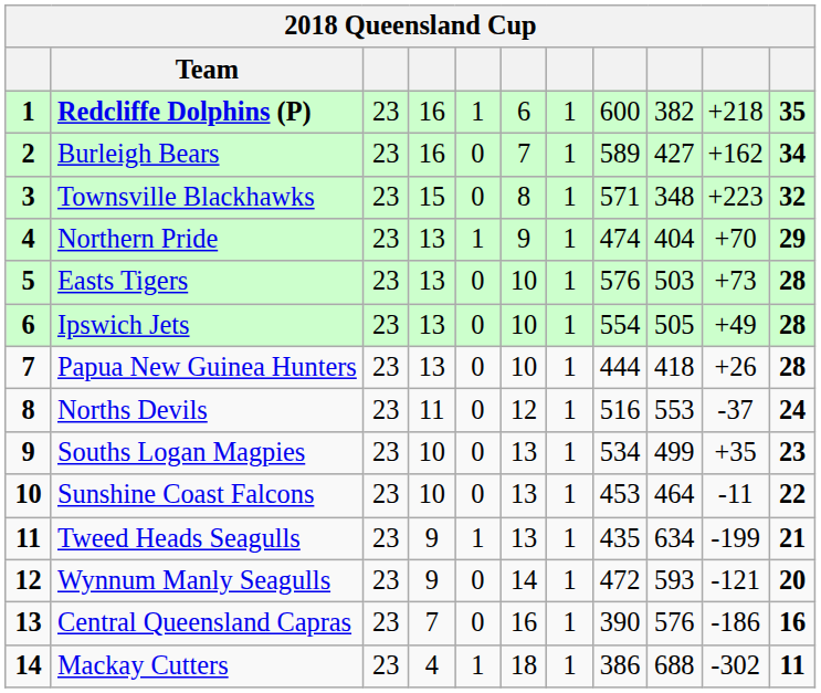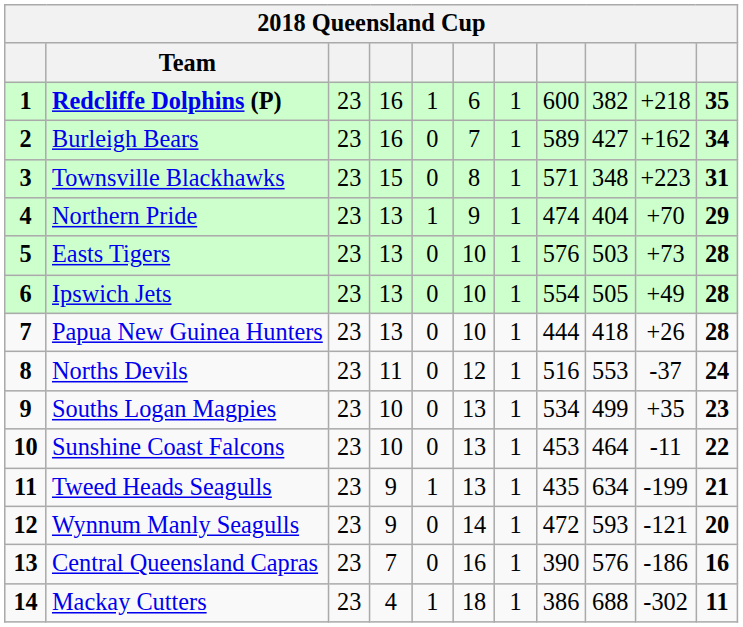 <table class="wikitable" style="text-align:center;">
 <tr>
 <th colspan="11">2018 Queensland Cup</th>
 </tr>
 <tr>
 <th width="20"></th>
 <th>Team</th>
 <th width="20"></th>
 <th width="20"></th>
 <th width="20"></th>
 <th width="20"></th>
 <th width="20"></th>
 <th width="25"></th>
 <th width="25"></th>
 <th width="30"></th>
 <th width="20"></th>
 </tr>
 <tr style="background: #ccffcc;">
 <td><strong>1</strong></td>
 <td style="text-align:left;"> <strong><a href='#'>Redcliffe Dolphins</a> (P)</strong></td>
 <td>23</td>
 <td>16</td>
 <td>1</td>
 <td>6</td>
 <td>1</td>
 <td>600</td>
 <td>382</td>
 <td>+218</td>
 <td><strong>35</strong></td>
 </tr>
 <tr style="background: #ccffcc;">
 <td><strong>2</strong></td>
 <td style="text-align:left;"> <a href='#'>Burleigh Bears</a></td>
 <td>23</td>
 <td>16</td>
 <td>0</td>
 <td>7</td>
 <td>1</td>
 <td>589</td>
 <td>427</td>
 <td>+162</td>
 <td><strong>34</strong></td>
 </tr>
 <tr style="background: #ccffcc;">
 <td><strong>3</strong></td>
 <td style="text-align:left;"> <a href='#'>Townsville Blackhawks</a></td>
 <td>23</td>
 <td>15</td>
 <td>0</td>
 <td>8</td>
 <td>1</td>
 <td>571</td>
 <td>348</td>
 <td>+223</td>
-<td><strong>32</strong></td>
+<td><strong>31</strong></td>
 </tr>
 <tr style="background: #ccffcc;">
 <td><strong>4</strong></td>
 <td style="text-align:left;"> <a href='#'>Northern Pride</a></td>
 <td>23</td>
 <td>13</td>
 <td>1</td>
 <td>9</td>
 <td>1</td>
 <td>474</td>
 <td>404</td>
 <td>+70</td>
 <td><strong>29</strong></td>
 </tr>
 <tr style="background: #ccffcc;">
 <td><strong>5</strong></td>
 <td style="text-align:left;"> <a href='#'>Easts Tigers</a></td>
 <td>23</td>
 <td>13</td>
 <td>0</td>
 <td>10</td>
 <td>1</td>
 <td>576</td>
 <td>503</td>
 <td>+73</td>
 <td><strong>28</strong></td>
 </tr>
 <tr style="background: #ccffcc;">
 <td><strong>6</strong></td>
 <td style="text-align:left;"> <a href='#'>Ipswich Jets</a></td>
 <td>23</td>
 <td>13</td>
 <td>0</td>
 <td>10</td>
 <td>1</td>
 <td>554</td>
 <td>505</td>
 <td>+49</td>
 <td><strong>28</strong></td>
 </tr>
 <tr style="background:">
 <td><strong>7</strong></td>
 <td style="text-align:left;"> <a href='#'>Papua New Guinea Hunters</a></td>
 <td>23</td>
 <td>13</td>
 <td>0</td>
 <td>10</td>
 <td>1</td>
 <td>444</td>
 <td>418</td>
 <td>+26</td>
 <td><strong>28</strong></td>
 </tr>
 <tr style="background:">
 <td><strong>8</strong></td>
 <td style="text-align:left;"> <a href='#'>Norths Devils</a></td>
 <td>23</td>
 <td>11</td>
 <td>0</td>
 <td>12</td>
 <td>1</td>
 <td>516</td>
 <td>553</td>
 <td>-37</td>
 <td><strong>24</strong></td>
 </tr>
 <tr style="background:">
 <td><strong>9</strong></td>
 <td style="text-align:left;"> <a href='#'>Souths Logan Magpies</a></td>
 <td>23</td>
 <td>10</td>
 <td>0</td>
 <td>13</td>
 <td>1</td>
 <td>534</td>
 <td>499</td>
 <td>+35</td>
 <td><strong>23</strong></td>
 </tr>
 <tr style="background:">
 <td><strong>10</strong></td>
 <td style="text-align:left;"> <a href='#'>Sunshine Coast Falcons</a></td>
 <td>23</td>
 <td>10</td>
 <td>0</td>
 <td>13</td>
 <td>1</td>
 <td>453</td>
 <td>464</td>
 <td>-11</td>
 <td><strong>22</strong></td>
 </tr>
 <tr style="background:">
 <td><strong>11</strong></td>
 <td style="text-align:left;"> <a href='#'>Tweed Heads Seagulls</a></td>
 <td>23</td>
 <td>9</td>
 <td>1</td>
 <td>13</td>
 <td>1</td>
 <td>435</td>
 <td>634</td>
 <td>-199</td>
 <td><strong>21</strong></td>
 </tr>
 <tr style="background:">
 <td><strong>12</strong></td>
 <td style="text-align:left;"> <a href='#'>Wynnum Manly Seagulls</a></td>
 <td>23</td>
 <td>9</td>
 <td>0</td>
 <td>14</td>
 <td>1</td>
 <td>472</td>
 <td>593</td>
 <td>-121</td>
 <td><strong>20</strong></td>
 </tr>
 <tr style="background:">
 <td><strong>13</strong></td>
 <td style="text-align:left;"> <a href='#'>Central Queensland Capras</a></td>
 <td>23</td>
 <td>7</td>
 <td>0</td>
 <td>16</td>
 <td>1</td>
 <td>390</td>
 <td>576</td>
 <td>-186</td>
 <td><strong>16</strong></td>
 </tr>
 <tr style="background:">
 <td><strong>14</strong></td>
 <td style="text-align:left;"> <a href='#'>Mackay Cutters</a></td>
 <td>23</td>
 <td>4</td>
 <td>1</td>
 <td>18</td>
 <td>1</td>
 <td>386</td>
 <td>688</td>
 <td>-302</td>
 <td><strong>11</strong></td>
 </tr>
 </table>
